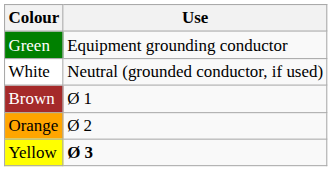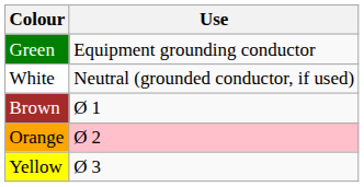 <table class=wikitable>
 <tr>
 <th>Colour</th>
 <th>Use</th>
 </tr>
 <tr>
 <td style="background:green; color:white;">Green</td>
 <td>Equipment grounding conductor</td>
 </tr>
 <tr>
 <td style="background:white;">White</td>
 <td>Neutral (grounded conductor, if used)</td>
 </tr>
 <tr>
 <td style="background:brown; color:white;">Brown</td>
 <td>Ø 1</td>
 </tr>
 <tr>
 <td style="background:orange;">Orange</td>
-<td>Ø 2</td>
+<td style="background: pink;">Ø 2</td>
 </tr>
 <tr>
 <td style="background:yellow;">Yellow</td>
-<td><strong>Ø 3</strong></td>
+<td>Ø 3</td>
 </tr>
 </table>
